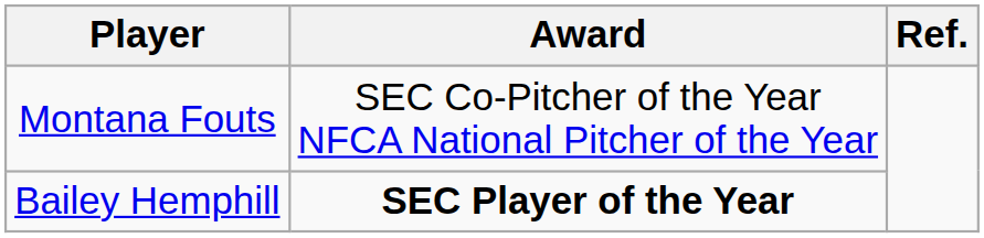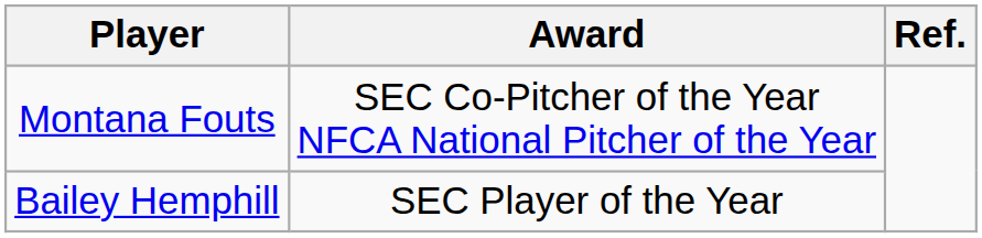 <table class="wikitable sortable sortable" style="text-align: center">
 <tr align=center>
 <th>Player</th>
 <th>Award</th>
 <th>Ref.</th>
 </tr>
 <tr>
 <td><a href='#'>Montana Fouts</a></td>
 <td>SEC Co-Pitcher of the Year<br><a href='#'>NFCA National Pitcher of the Year</a></td>
 <td rowspan="4"></td>
 </tr>
 <tr>
 <td><a href='#'>Bailey Hemphill</a></td>
-<td><strong>SEC Player of the Year</strong></td>
+<td>SEC Player of the Year</td>
 </tr>
 </table>
